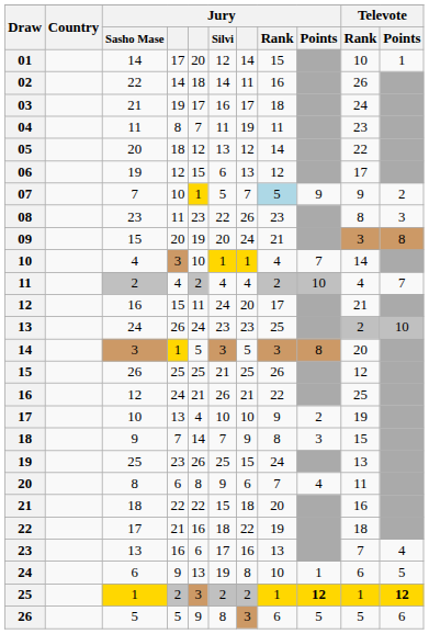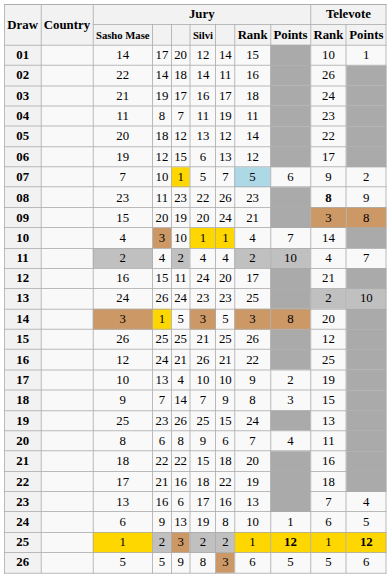 <table class="sortable wikitable collapsible plainrowheaders" style="text-align:center;">
 <tr>
 </tr>
 <tr>
 <th scope="col" rowspan="2">Draw</th>
 <th scope="col" rowspan="2">Country</th>
 <th scope="col" colspan="7">Jury</th>
 <th scope="col" colspan="2">Televote</th>
 </tr>
 <tr>
 <th scope="col"><small>Sasho Mase</small></th>
 <th scope="col"><small></small></th>
 <th scope="col"><small></small></th>
 <th scope="col"><small>Silvi</small></th>
 <th scope="col"><small></small></th>
 <th scope="col">Rank</th>
 <th scope="col">Points</th>
 <th scope="col">Rank</th>
 <th scope="col">Points</th>
 </tr>
 <tr>
 <th scope="row" style="text-align:center;">01</th>
 <td style="text-align:left;"></td>
 <td>14</td>
 <td>17</td>
 <td>20</td>
 <td>12</td>
 <td>14</td>
 <td>15</td>
 <td style="background:#AAAAAA;"></td>
 <td>10</td>
 <td>1</td>
 </tr>
 <tr>
 <th scope="row" style="text-align:center;">02</th>
 <td style="text-align:left;"></td>
 <td>22</td>
 <td>14</td>
 <td>18</td>
 <td>14</td>
 <td>11</td>
 <td>16</td>
 <td style="background:#AAAAAA;"></td>
 <td>26</td>
 <td style="background:#AAAAAA;"></td>
 </tr>
 <tr>
 <th scope="row" style="text-align:center;">03</th>
 <td style="text-align:left;"></td>
 <td>21</td>
 <td>19</td>
 <td>17</td>
 <td>16</td>
 <td>17</td>
 <td>18</td>
 <td style="background:#AAAAAA;"></td>
 <td>24</td>
 <td style="background:#AAAAAA;"></td>
 </tr>
 <tr>
 <th scope="row" style="text-align:center;">04</th>
 <td style="text-align:left;"></td>
 <td>11</td>
 <td>8</td>
 <td>7</td>
 <td>11</td>
 <td>19</td>
 <td>11</td>
 <td style="background:#AAAAAA;"></td>
 <td>23</td>
 <td style="background:#AAAAAA;"></td>
 </tr>
 <tr>
 <th scope="row" style="text-align:center;">05</th>
 <td style="text-align:left;"></td>
 <td>20</td>
 <td>18</td>
 <td>12</td>
 <td>13</td>
 <td>12</td>
 <td>14</td>
 <td style="background:#AAAAAA;"></td>
 <td>22</td>
 <td style="background:#AAAAAA;"></td>
 </tr>
 <tr>
 <th scope="row" style="text-align:center;">06</th>
 <td style="text-align:left;"></td>
 <td>19</td>
 <td>12</td>
 <td>15</td>
 <td>6</td>
 <td>13</td>
 <td>12</td>
 <td style="background:#AAAAAA;"></td>
 <td>17</td>
 <td style="background:#AAAAAA;"></td>
 </tr>
 <tr>
 <th scope="row" style="text-align:center;">07</th>
 <td style="text-align:left;"></td>
 <td>7</td>
 <td>10</td>
 <td style="background:gold;">1</td>
 <td>5</td>
 <td>7</td>
 <td style="background: lightblue;">5</td>
-<td>9</td>
+<td>6</td>
 <td>9</td>
 <td>2</td>
 </tr>
 <tr>
 <th scope="row" style="text-align:center;">08</th>
 <td style="text-align:left;"></td>
 <td>23</td>
 <td>11</td>
 <td>23</td>
 <td>22</td>
 <td>26</td>
 <td>23</td>
 <td style="background:#AAAAAA;"></td>
-<td>8</td>
-<td>3</td>
+<td><strong>8</strong></td>
+<td>9</td>
 </tr>
 <tr>
 <th scope="row" style="text-align:center;">09</th>
 <td style="text-align:left;"></td>
 <td>15</td>
 <td>20</td>
 <td>19</td>
 <td>20</td>
 <td>24</td>
 <td>21</td>
 <td style="background:#AAAAAA;"></td>
 <td style="background:#CC9966;">3</td>
 <td style="background:#CC9966;">8</td>
 </tr>
 <tr>
 <th scope="row" style="text-align:center;">10</th>
 <td style="text-align:left;"></td>
 <td>4</td>
 <td style="background:#CC9966;">3</td>
 <td>10</td>
 <td style="background:gold;">1</td>
 <td style="background:gold;">1</td>
 <td>4</td>
 <td>7</td>
 <td>14</td>
 <td style="background:#AAAAAA;"></td>
 </tr>
 <tr>
 <th scope="row" style="text-align:center;">11</th>
 <td style="text-align:left;"></td>
 <td style="background:silver;">2</td>
 <td>4</td>
 <td style="background:silver;">2</td>
 <td>4</td>
 <td>4</td>
 <td style="background:silver;">2</td>
 <td style="background:silver;">10</td>
 <td>4</td>
 <td>7</td>
 </tr>
 <tr>
 <th scope="row" style="text-align:center;">12</th>
 <td style="text-align:left;"></td>
 <td>16</td>
 <td>15</td>
 <td>11</td>
 <td>24</td>
 <td>20</td>
 <td>17</td>
 <td style="background:#AAAAAA;"></td>
 <td>21</td>
 <td style="background:#AAAAAA;"></td>
 </tr>
 <tr>
 <th scope="row" style="text-align:center;">13</th>
 <td style="text-align:left;"></td>
 <td>24</td>
 <td>26</td>
 <td>24</td>
 <td>23</td>
 <td>23</td>
 <td>25</td>
 <td style="background:#AAAAAA;"></td>
 <td style="background:silver;">2</td>
 <td style="background:silver;">10</td>
 </tr>
 <tr>
 <th scope="row" style="text-align:center;">14</th>
 <td style="text-align:left;"></td>
 <td style="background:#CC9966;">3</td>
 <td style="background:gold;">1</td>
 <td>5</td>
 <td style="background:#CC9966;">3</td>
 <td>5</td>
 <td style="background:#CC9966;">3</td>
 <td style="background:#CC9966;">8</td>
 <td>20</td>
 <td style="background:#AAAAAA;"></td>
 </tr>
 <tr>
 <th scope="row" style="text-align:center;">15</th>
 <td style="text-align:left;"></td>
 <td>26</td>
 <td>25</td>
 <td>25</td>
 <td>21</td>
 <td>25</td>
 <td>26</td>
 <td style="background:#AAAAAA;"></td>
 <td>12</td>
 <td style="background:#AAAAAA;"></td>
 </tr>
 <tr>
 <th scope="row" style="text-align:center;">16</th>
 <td style="text-align:left;"></td>
 <td>12</td>
 <td>24</td>
 <td>21</td>
 <td>26</td>
 <td>21</td>
 <td>22</td>
 <td style="background:#AAAAAA;"></td>
 <td>25</td>
 <td style="background:#AAAAAA;"></td>
 </tr>
 <tr>
 <th scope="row" style="text-align:center;">17</th>
 <td style="text-align:left;"></td>
 <td>10</td>
 <td>13</td>
 <td>4</td>
 <td>10</td>
 <td>10</td>
 <td>9</td>
 <td>2</td>
 <td>19</td>
 <td style="background:#AAAAAA;"></td>
 </tr>
 <tr>
 <th scope="row" style="text-align:center;">18</th>
 <td style="text-align:left;"></td>
 <td>9</td>
 <td>7</td>
 <td>14</td>
 <td>7</td>
 <td>9</td>
 <td>8</td>
 <td>3</td>
 <td>15</td>
 <td style="background:#AAAAAA;"></td>
 </tr>
 <tr>
 <th scope="row" style="text-align:center;">19</th>
 <td style="text-align:left;"></td>
 <td>25</td>
 <td>23</td>
 <td>26</td>
 <td>25</td>
 <td>15</td>
 <td>24</td>
 <td style="background:#AAAAAA;"></td>
 <td>13</td>
 <td style="background:#AAAAAA;"></td>
 </tr>
 <tr>
 <th scope="row" style="text-align:center;">20</th>
 <td style="text-align:left;"></td>
 <td>8</td>
 <td>6</td>
 <td>8</td>
 <td>9</td>
 <td>6</td>
 <td>7</td>
 <td>4</td>
 <td>11</td>
 <td style="background:#AAAAAA;"></td>
 </tr>
 <tr>
 <th scope="row" style="text-align:center;">21</th>
 <td style="text-align:left;"></td>
 <td>18</td>
 <td>22</td>
 <td>22</td>
 <td>15</td>
 <td>18</td>
 <td>20</td>
 <td style="background:#AAAAAA;"></td>
 <td>16</td>
 <td style="background:#AAAAAA;"></td>
 </tr>
 <tr>
 <th scope="row" style="text-align:center;">22</th>
 <td style="text-align:left;"></td>
 <td>17</td>
 <td>21</td>
 <td>16</td>
 <td>18</td>
 <td>22</td>
 <td>19</td>
 <td style="background:#AAAAAA;"></td>
 <td>18</td>
 <td style="background:#AAAAAA;"></td>
 </tr>
 <tr>
 <th scope="row" style="text-align:center;">23</th>
 <td style="text-align:left;"></td>
 <td>13</td>
 <td>16</td>
 <td>6</td>
 <td>17</td>
 <td>16</td>
 <td>13</td>
 <td style="background:#AAAAAA;"></td>
 <td>7</td>
 <td>4</td>
 </tr>
 <tr>
 <th scope="row" style="text-align:center;">24</th>
 <td style="text-align:left;"></td>
 <td>6</td>
 <td>9</td>
 <td>13</td>
 <td>19</td>
 <td>8</td>
 <td>10</td>
 <td>1</td>
 <td>6</td>
 <td>5</td>
 </tr>
 <tr>
 <th scope="row" style="text-align:center;">25</th>
 <td style="text-align:left;"></td>
 <td style="background:gold;">1</td>
 <td style="background:silver;">2</td>
 <td style="background:#CC9966;">3</td>
 <td style="background:silver;">2</td>
 <td style="background:silver;">2</td>
 <td style="background:gold;">1</td>
 <td style="background:gold;"><strong>12</strong></td>
 <td style="background:gold;">1</td>
 <td style="background:gold;"><strong>12</strong></td>
 </tr>
 <tr>
 <th scope="row" style="text-align:center;">26</th>
 <td style="text-align:left;"></td>
 <td>5</td>
 <td>5</td>
 <td>9</td>
 <td>8</td>
 <td style="background:#CC9966;">3</td>
 <td>6</td>
 <td>5</td>
 <td>5</td>
 <td>6</td>
 </tr>
 </table>
